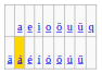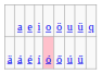 <table class="wikitable" style="line-height: 1.2">
 <tr align=center>
 <td></td>
 <td> <br> <a href='#'>a</a></td>
 <td> <br> <a href='#'>e</a></td>
 <td> <br> <a href='#'>i</a></td>
 <td> <br> <a href='#'>o</a></td>
 <td> <br> <a href='#'>ö</a></td>
 <td> <br> <a href='#'>u</a></td>
 <td> <br> <a href='#'>ü</a></td>
 <td> <br> <a href='#'>q</a></td>
 </tr>
 <tr align=center>
 <td> <br> <a href='#'>ä</a></td>
-<td style="background: gold;"> <br> <a href='#'>á</a></td>
+<td> <br> <a href='#'>á</a></td>
 <td> <br> <a href='#'>é</a></td>
 <td> <br> <a href='#'>í</a></td>
-<td> <br> <a href='#'>ó</a></td>
+<td style="background: pink;"> <br> <a href='#'>ó</a></td>
 <td> <br> <a href='#'>ő</a></td>
 <td> <br> <a href='#'>ú</a></td>
 <td> <br> <a href='#'>ű</a></td>
 <td></td>
 </tr>
 </table>
